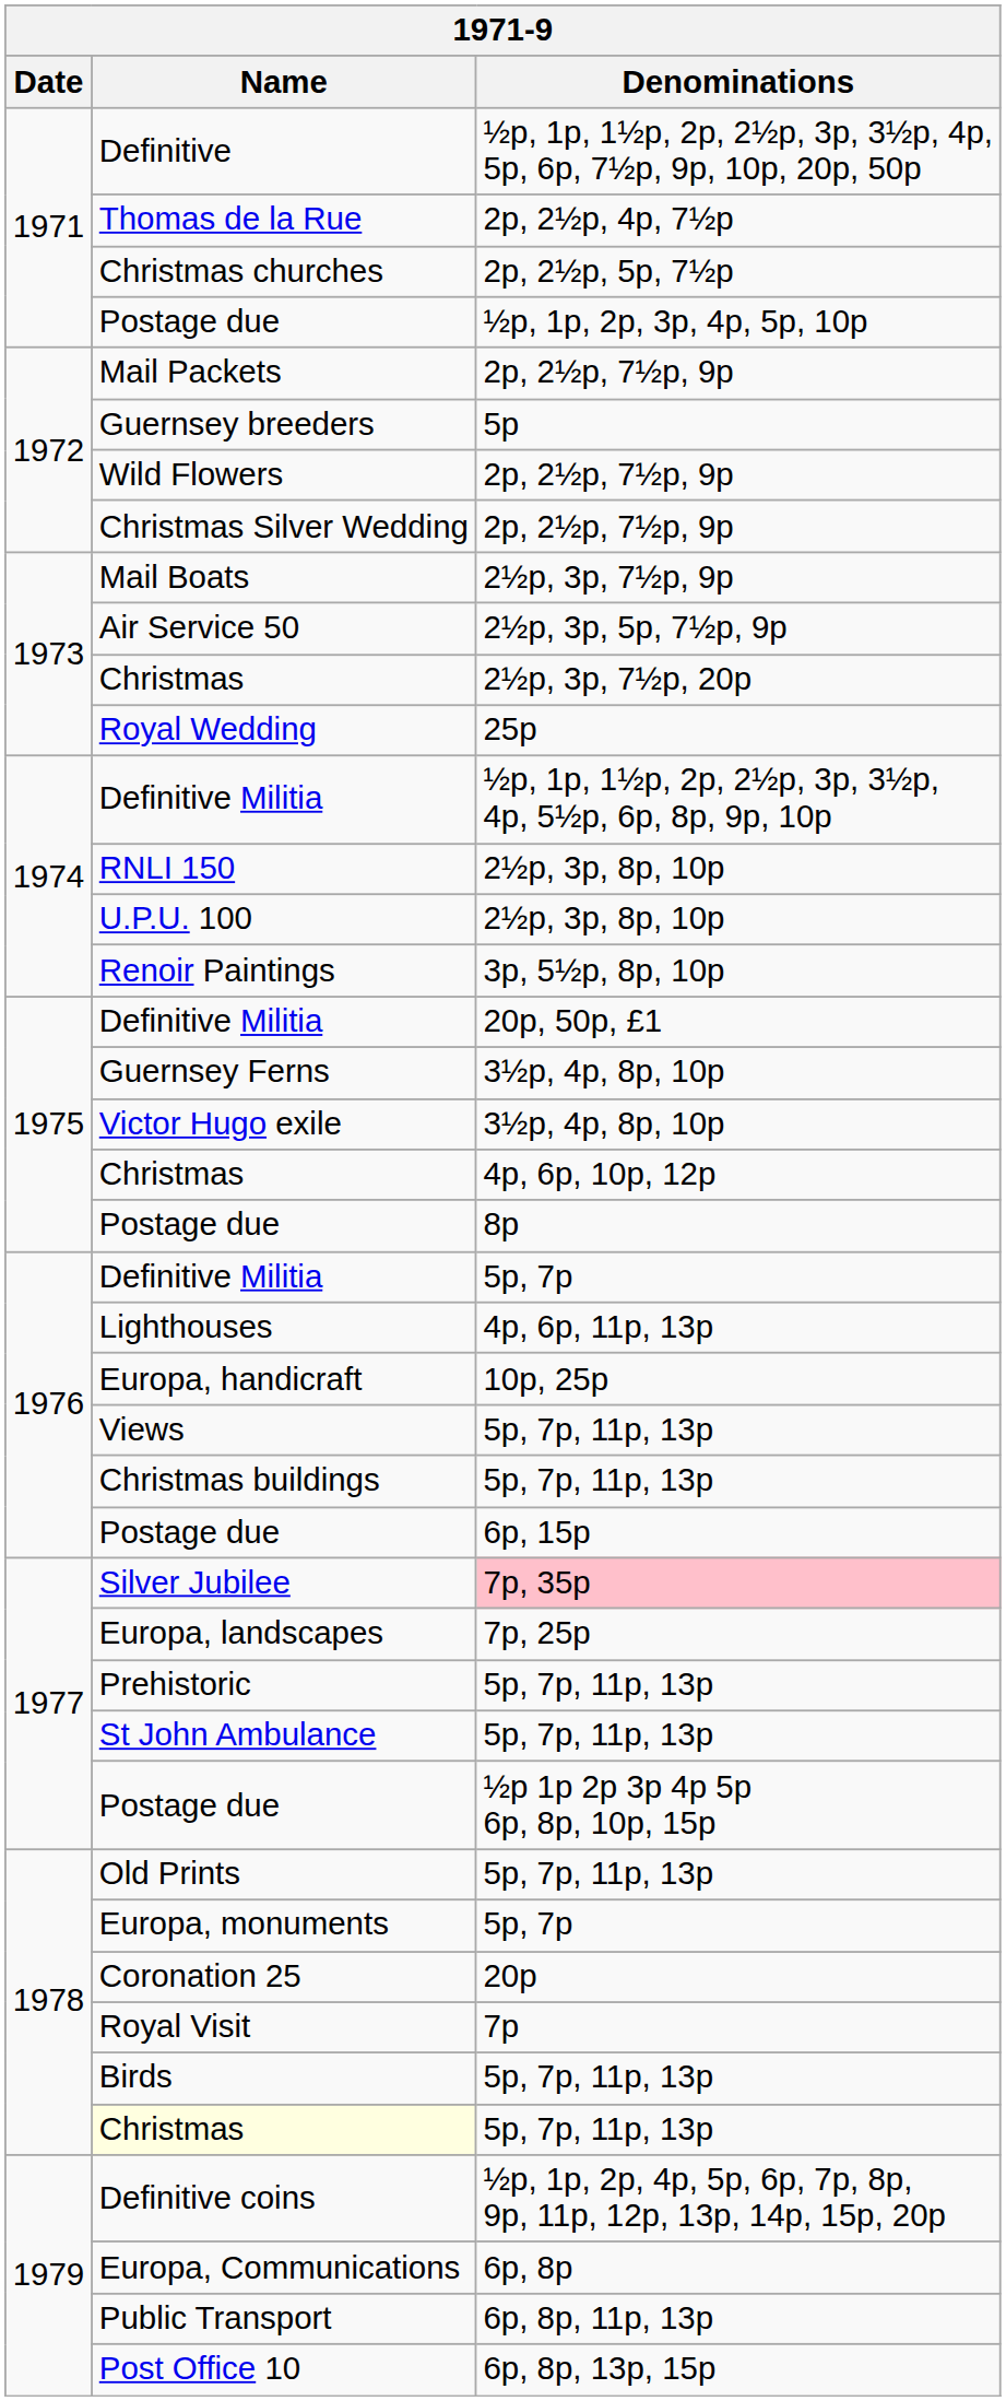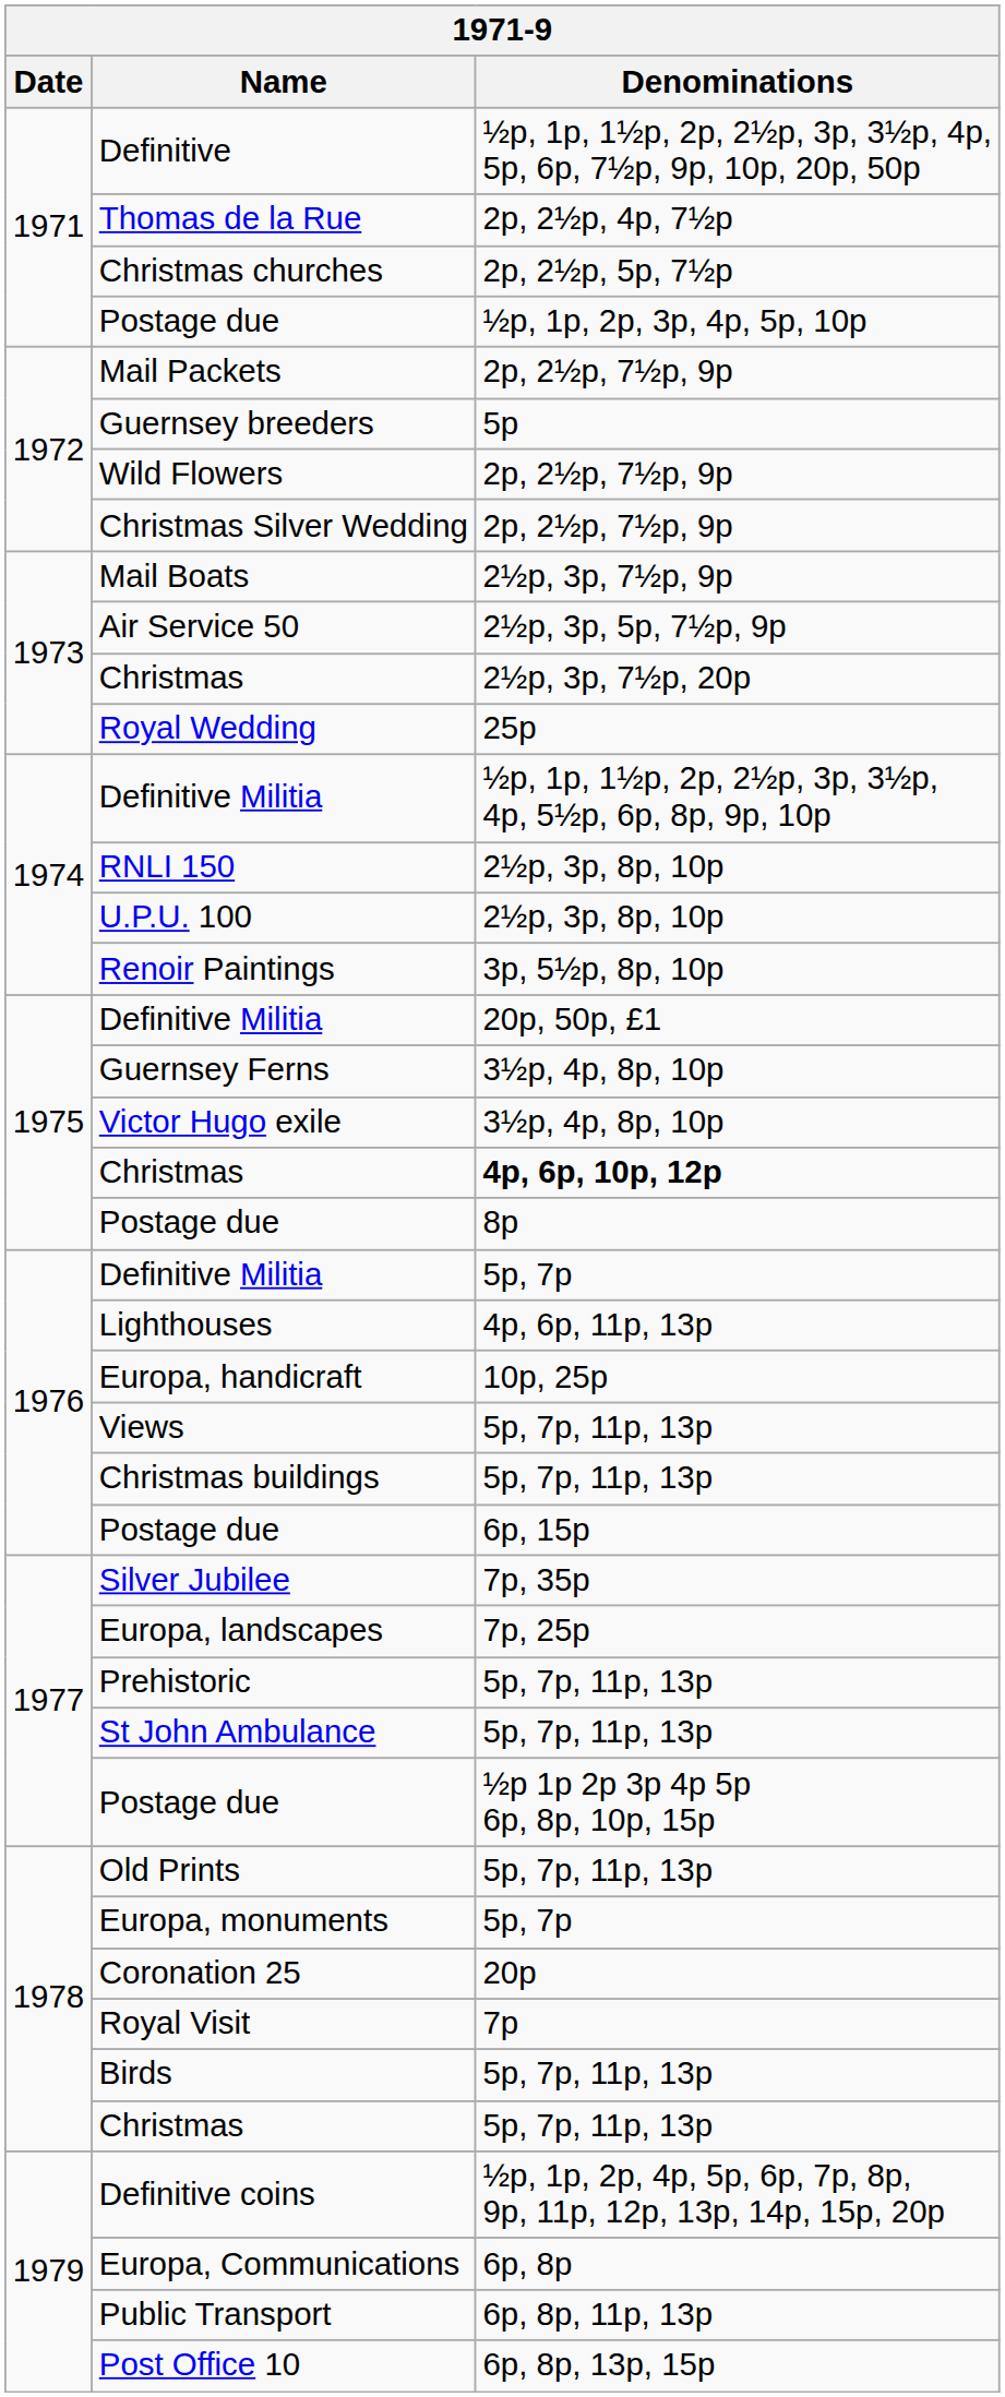 <table class="wikitable">
 <tr>
 <th colspan=3>1971-9</th>
 </tr>
 <tr>
 <th>Date</th>
 <th>Name</th>
 <th>Denominations</th>
 </tr>
 <tr>
 <td rowspan="4">1971</td>
 <td>Definitive</td>
 <td>½p, 1p, 1½p, 2p, 2½p, 3p, 3½p, 4p,<br> 5p, 6p, 7½p, 9p, 10p, 20p, 50p</td>
 </tr>
 <tr>
 <td><a href='#'>Thomas de la Rue</a></td>
 <td>2p, 2½p, 4p, 7½p</td>
 </tr>
 <tr>
 <td>Christmas churches</td>
 <td>2p, 2½p, 5p, 7½p</td>
 </tr>
 <tr>
 <td>Postage due</td>
 <td>½p, 1p, 2p, 3p, 4p, 5p, 10p</td>
 </tr>
 <tr>
 <td rowspan="4">1972</td>
 <td>Mail Packets</td>
 <td>2p, 2½p, 7½p, 9p</td>
 </tr>
 <tr>
 <td>Guernsey breeders</td>
 <td>5p</td>
 </tr>
 <tr>
 <td>Wild Flowers</td>
 <td>2p, 2½p, 7½p, 9p</td>
 </tr>
 <tr>
 <td>Christmas Silver Wedding</td>
 <td>2p, 2½p, 7½p, 9p</td>
 </tr>
 <tr>
 <td rowspan="4">1973</td>
 <td>Mail Boats</td>
 <td>2½p, 3p, 7½p, 9p</td>
 </tr>
 <tr>
 <td>Air Service 50</td>
 <td>2½p, 3p, 5p, 7½p, 9p</td>
 </tr>
 <tr>
 <td>Christmas</td>
 <td>2½p, 3p, 7½p, 20p</td>
 </tr>
 <tr>
 <td><a href='#'>Royal Wedding</a></td>
 <td>25p</td>
 </tr>
 <tr>
 <td rowspan="4">1974</td>
 <td>Definitive <a href='#'>Militia</a></td>
 <td>½p, 1p, 1½p, 2p, 2½p, 3p, 3½p,<br> 4p, 5½p, 6p, 8p, 9p, 10p</td>
 </tr>
 <tr>
 <td><a href='#'>RNLI 150</a></td>
 <td>2½p, 3p, 8p, 10p</td>
 </tr>
 <tr>
 <td><a href='#'>U.P.U.</a> 100</td>
 <td>2½p, 3p, 8p, 10p</td>
 </tr>
 <tr>
 <td><a href='#'>Renoir</a> Paintings</td>
 <td>3p, 5½p, 8p, 10p</td>
 </tr>
 <tr>
 <td rowspan="5">1975</td>
 <td>Definitive <a href='#'>Militia</a></td>
 <td>20p, 50p, £1</td>
 </tr>
 <tr>
 <td>Guernsey Ferns</td>
 <td>3½p, 4p, 8p, 10p</td>
 </tr>
 <tr>
 <td><a href='#'>Victor Hugo</a> exile</td>
 <td>3½p, 4p, 8p, 10p</td>
 </tr>
 <tr>
 <td>Christmas</td>
-<td>4p, 6p, 10p, 12p</td>
+<td><strong>4p, 6p, 10p, 12p</strong></td>
 </tr>
 <tr>
 <td>Postage due</td>
 <td>8p</td>
 </tr>
 <tr>
 <td rowspan="6">1976</td>
 <td>Definitive <a href='#'>Militia</a></td>
 <td>5p, 7p</td>
 </tr>
 <tr>
 <td>Lighthouses</td>
 <td>4p, 6p, 11p, 13p</td>
 </tr>
 <tr>
 <td>Europa, handicraft</td>
 <td>10p, 25p</td>
 </tr>
 <tr>
 <td>Views</td>
 <td>5p, 7p, 11p, 13p</td>
 </tr>
 <tr>
 <td>Christmas buildings</td>
 <td>5p, 7p, 11p, 13p</td>
 </tr>
 <tr>
 <td>Postage due</td>
 <td>6p, 15p</td>
 </tr>
 <tr>
 <td rowspan="5">1977</td>
 <td><a href='#'>Silver Jubilee</a></td>
-<td style="background: pink;">7p, 35p</td>
+<td>7p, 35p</td>
 </tr>
 <tr>
 <td>Europa, landscapes</td>
 <td>7p, 25p</td>
 </tr>
 <tr>
 <td>Prehistoric</td>
 <td>5p, 7p, 11p, 13p</td>
 </tr>
 <tr>
 <td><a href='#'>St John Ambulance</a></td>
 <td>5p, 7p, 11p, 13p</td>
 </tr>
 <tr>
 <td>Postage due</td>
 <td>½p 1p 2p 3p 4p 5p <br>6p, 8p, 10p, 15p</td>
 </tr>
 <tr>
 <td rowspan="6">1978</td>
 <td>Old Prints</td>
 <td>5p, 7p, 11p, 13p</td>
 </tr>
 <tr>
 <td>Europa, monuments</td>
 <td>5p, 7p</td>
 </tr>
 <tr>
 <td>Coronation 25</td>
 <td>20p</td>
 </tr>
 <tr>
 <td>Royal Visit</td>
 <td>7p</td>
 </tr>
 <tr>
 <td>Birds</td>
 <td>5p, 7p, 11p, 13p</td>
 </tr>
 <tr>
-<td style="background: lightyellow;">Christmas</td>
+<td>Christmas</td>
 <td>5p, 7p, 11p, 13p</td>
 </tr>
 <tr>
 <td rowspan="4">1979</td>
 <td>Definitive coins</td>
 <td>½p, 1p, 2p, 4p, 5p, 6p, 7p, 8p, <br> 9p, 11p, 12p, 13p, 14p, 15p, 20p</td>
 </tr>
 <tr>
 <td>Europa, Communications</td>
 <td>6p, 8p</td>
 </tr>
 <tr>
 <td>Public Transport</td>
 <td>6p, 8p, 11p, 13p</td>
 </tr>
 <tr>
 <td><a href='#'>Post Office</a> 10</td>
 <td>6p, 8p, 13p, 15p</td>
 </tr>
 <tr>
 </tr>
 </table>
